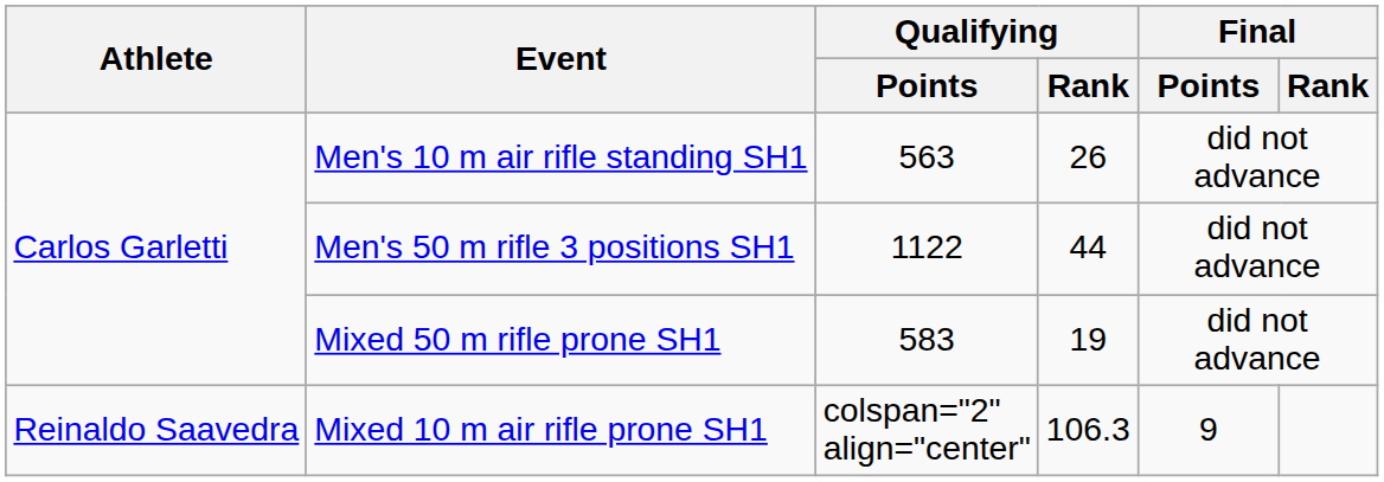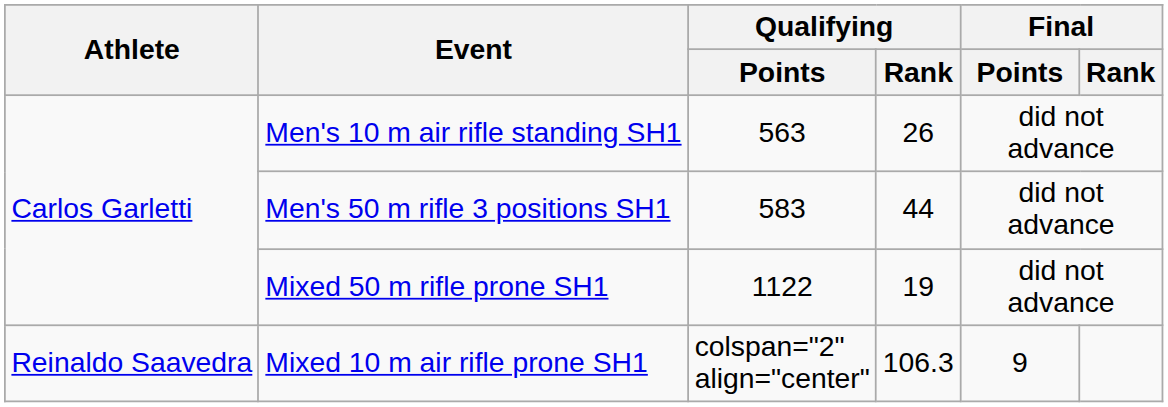 <table class=wikitable>
 <tr>
 <th rowspan="2">Athlete</th>
 <th rowspan="2">Event</th>
 <th colspan="2">Qualifying</th>
 <th colspan="2">Final</th>
 </tr>
 <tr>
 <th width="60">Points</th>
 <th width="35">Rank</th>
 <th width="60">Points</th>
 <th width="35">Rank</th>
 </tr>
 <tr>
 <td rowspan="3"><a href='#'>Carlos Garletti</a></td>
 <td><a href='#'>Men's 10 m air rifle standing SH1</a></td>
 <td align="center">563</td>
 <td align="center">26</td>
 <td colspan="2" align="center">did not advance</td>
 </tr>
 <tr>
 <td><a href='#'>Men's 50 m rifle 3 positions SH1</a></td>
-<td align="center">1122</td>
+<td align="center">583</td>
 <td align="center">44</td>
 <td colspan="2" align="center">did not advance</td>
 </tr>
 <tr>
 <td><a href='#'>Mixed 50 m rifle prone SH1</a></td>
-<td align="center">583</td>
+<td align="center">1122</td>
 <td align="center">19</td>
 <td colspan="2" align="center">did not advance</td>
 </tr>
 <tr>
 <td><a href='#'>Reinaldo Saavedra</a></td>
 <td><a href='#'>Mixed 10 m air rifle prone SH1</a></td>
 <td>colspan="2" align="center" </td>
 <td align="center">106.3</td>
 <td align="center">9</td>
 </tr>
 </table>
